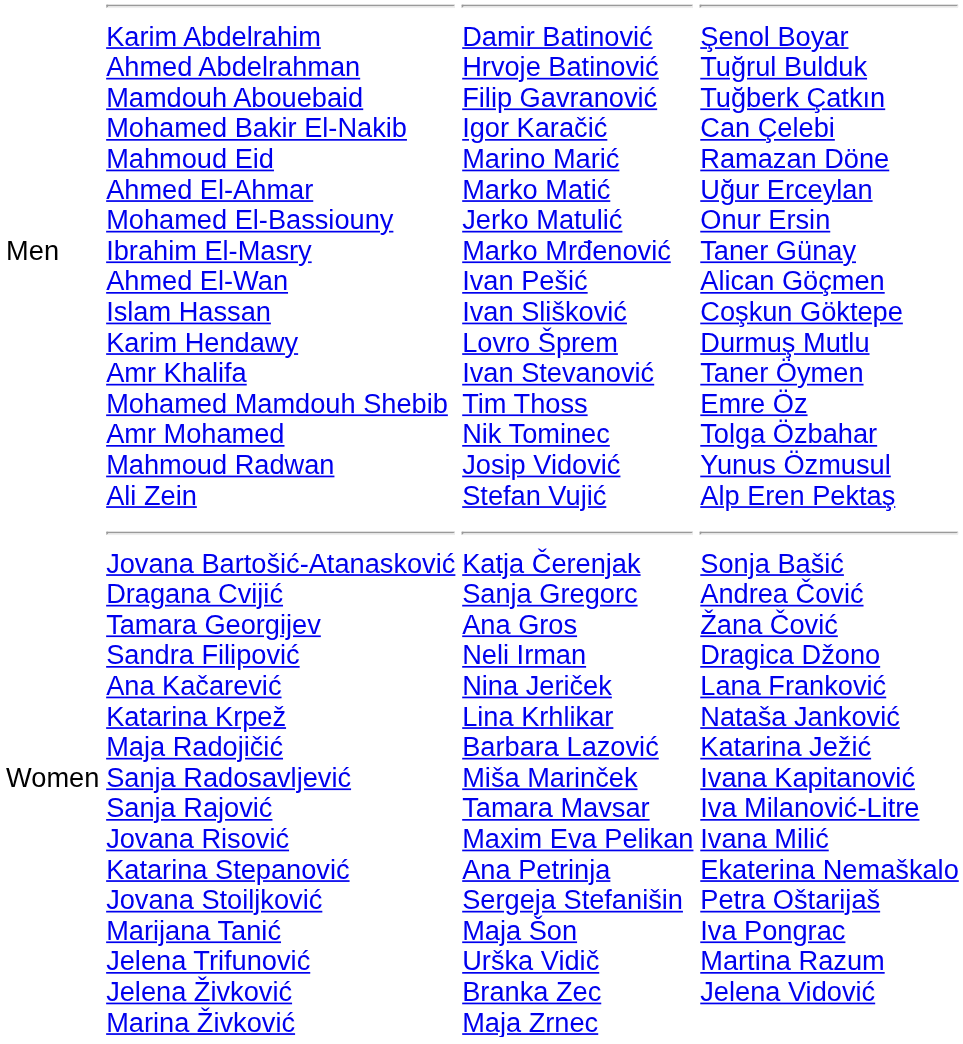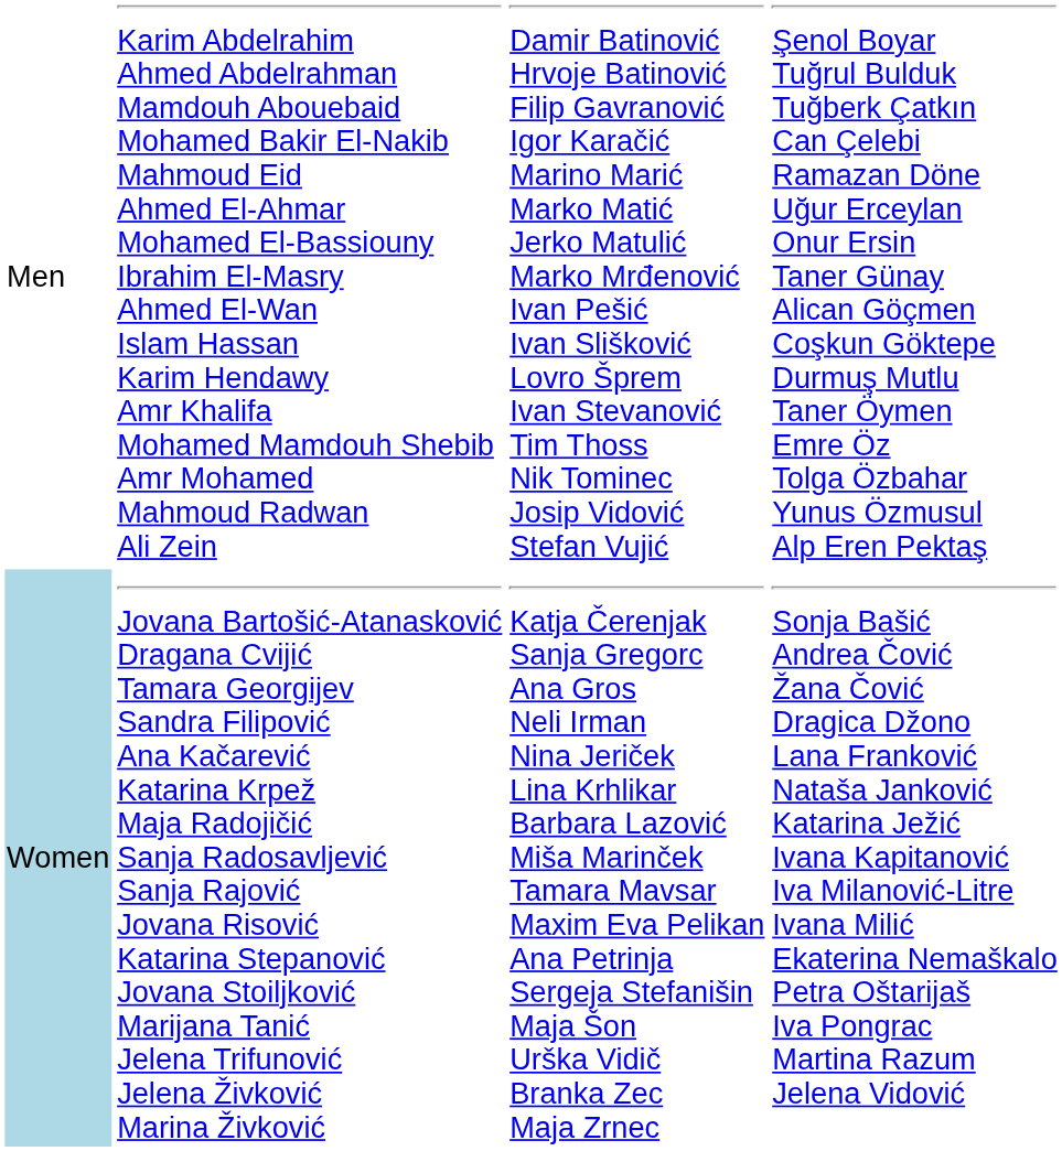 <table>
 <tr>
 <td>Men<br></td>
 <td><hr><a href='#'>Karim Abdelrahim</a><br><a href='#'>Ahmed Abdelrahman</a><br><a href='#'>Mamdouh Abouebaid</a><br><a href='#'>Mohamed Bakir El-Nakib</a><br><a href='#'>Mahmoud Eid</a><br><a href='#'>Ahmed El-Ahmar</a><br><a href='#'>Mohamed El-Bassiouny</a><br><a href='#'>Ibrahim El-Masry</a><br><a href='#'>Ahmed El-Wan</a><br><a href='#'>Islam Hassan</a><br><a href='#'>Karim Hendawy</a><br><a href='#'>Amr Khalifa</a><br><a href='#'>Mohamed Mamdouh Shebib</a><br><a href='#'>Amr Mohamed</a><br><a href='#'>Mahmoud Radwan</a><br><a href='#'>Ali Zein</a></td>
 <td><hr><a href='#'>Damir Batinović</a><br><a href='#'>Hrvoje Batinović</a><br><a href='#'>Filip Gavranović</a><br><a href='#'>Igor Karačić</a><br><a href='#'>Marino Marić</a><br><a href='#'>Marko Matić</a><br><a href='#'>Jerko Matulić</a><br><a href='#'>Marko Mrđenović</a><br><a href='#'>Ivan Pešić</a><br><a href='#'>Ivan Slišković</a><br><a href='#'>Lovro Šprem</a><br><a href='#'>Ivan Stevanović</a><br><a href='#'>Tim Thoss</a><br><a href='#'>Nik Tominec</a><br><a href='#'>Josip Vidović</a><br><a href='#'>Stefan Vujić</a></td>
 <td><hr><a href='#'>Şenol Boyar</a><br><a href='#'>Tuğrul Bulduk</a><br><a href='#'>Tuğberk Çatkın</a><br><a href='#'>Can Çelebi</a><br><a href='#'>Ramazan Döne</a><br><a href='#'>Uğur Erceylan</a><br><a href='#'>Onur Ersin</a><br><a href='#'>Taner Günay</a><br><a href='#'>Alican Göçmen</a><br><a href='#'>Coşkun Göktepe</a><br><a href='#'>Durmuş Mutlu</a><br><a href='#'>Taner Öymen</a><br><a href='#'>Emre Öz</a><br><a href='#'>Tolga Özbahar</a><br><a href='#'>Yunus Özmusul</a><br><a href='#'>Alp Eren Pektaş</a></td>
 </tr>
 <tr>
-<td>Women<br></td>
+<td style="background: lightblue;">Women<br></td>
 <td valign=top><hr><a href='#'>Jovana Bartošić-Atanasković</a><br><a href='#'>Dragana Cvijić</a><br><a href='#'>Tamara Georgijev</a><br><a href='#'>Sandra Filipović</a><br><a href='#'>Ana Kačarević</a><br><a href='#'>Katarina Krpež</a><br><a href='#'>Maja Radojičić</a><br><a href='#'>Sanja Radosavljević</a><br><a href='#'>Sanja Rajović</a><br><a href='#'>Jovana Risović</a><br><a href='#'>Katarina Stepanović</a><br><a href='#'>Jovana Stoiljković</a><br><a href='#'>Marijana Tanić</a><br><a href='#'>Jelena Trifunović</a><br><a href='#'>Jelena Živković</a><br><a href='#'>Marina Živković</a></td>
 <td valign=top><hr><a href='#'>Katja Čerenjak</a><br><a href='#'>Sanja Gregorc</a><br><a href='#'>Ana Gros</a><br><a href='#'>Neli Irman</a><br><a href='#'>Nina Jeriček</a><br><a href='#'>Lina Krhlikar</a><br><a href='#'>Barbara Lazović</a><br><a href='#'>Miša Marinček</a><br><a href='#'>Tamara Mavsar</a><br><a href='#'>Maxim Eva Pelikan</a><br><a href='#'>Ana Petrinja</a><br><a href='#'>Sergeja Stefanišin</a><br><a href='#'>Maja Šon</a><br><a href='#'>Urška Vidič</a><br><a href='#'>Branka Zec</a><br><a href='#'>Maja Zrnec</a></td>
 <td valign=top><hr><a href='#'>Sonja Bašić</a><br><a href='#'>Andrea Čović</a><br><a href='#'>Žana Čović</a><br><a href='#'>Dragica Džono</a><br><a href='#'>Lana Franković</a><br><a href='#'>Nataša Janković</a><br><a href='#'>Katarina Ježić</a><br><a href='#'>Ivana Kapitanović</a><br><a href='#'>Iva Milanović-Litre</a><br><a href='#'>Ivana Milić</a><br><a href='#'>Ekaterina Nemaškalo</a><br><a href='#'>Petra Oštarijaš</a><br><a href='#'>Iva Pongrac</a><br><a href='#'>Martina Razum</a><br><a href='#'>Jelena Vidović</a></td>
 </tr>
 </table>
